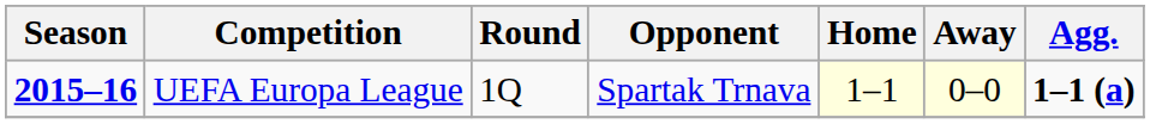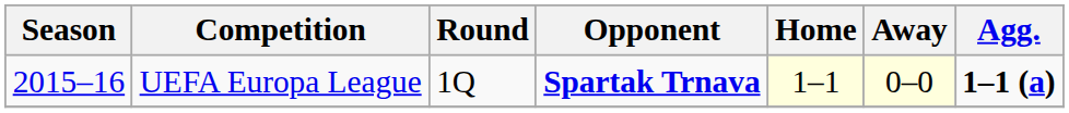 <table class="wikitable">
 <tr>
 <th>Season</th>
 <th>Competition</th>
 <th>Round</th>
 <th>Opponent</th>
 <th>Home</th>
 <th>Away</th>
 <th><a href='#'>Agg.</a></th>
 </tr>
 <tr>
-<td><strong><a href='#'>2015–16</a></strong></td>
+<td><a href='#'>2015–16</a></td>
 <td><a href='#'>UEFA Europa League</a></td>
 <td>1Q</td>
-<td> <a href='#'>Spartak Trnava</a></td>
+<td><strong> <a href='#'>Spartak Trnava</a></strong></td>
 <td style="text-align:center;" bgcolor="#ffffdd">1–1</td>
 <td style="text-align:center;" bgcolor="#ffffdd">0–0</td>
 <td style="text-align:center;"><strong>1–1 (<a href='#'>a</a>)</strong></td>
 </tr>
 <tr>
 </tr>
 </table>
